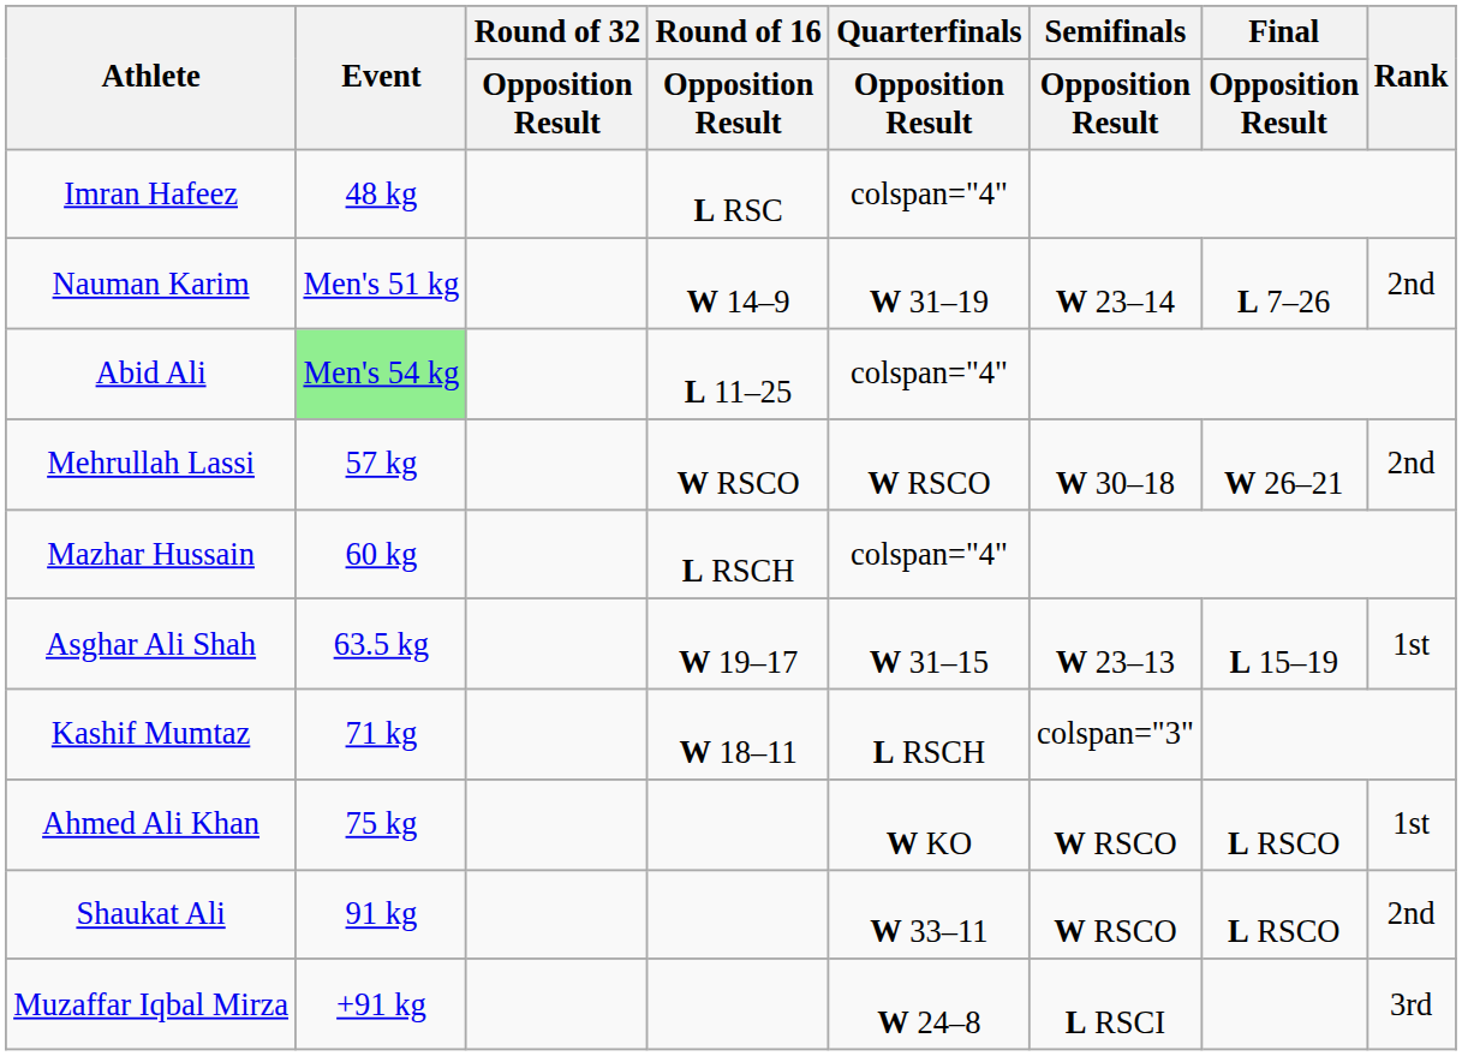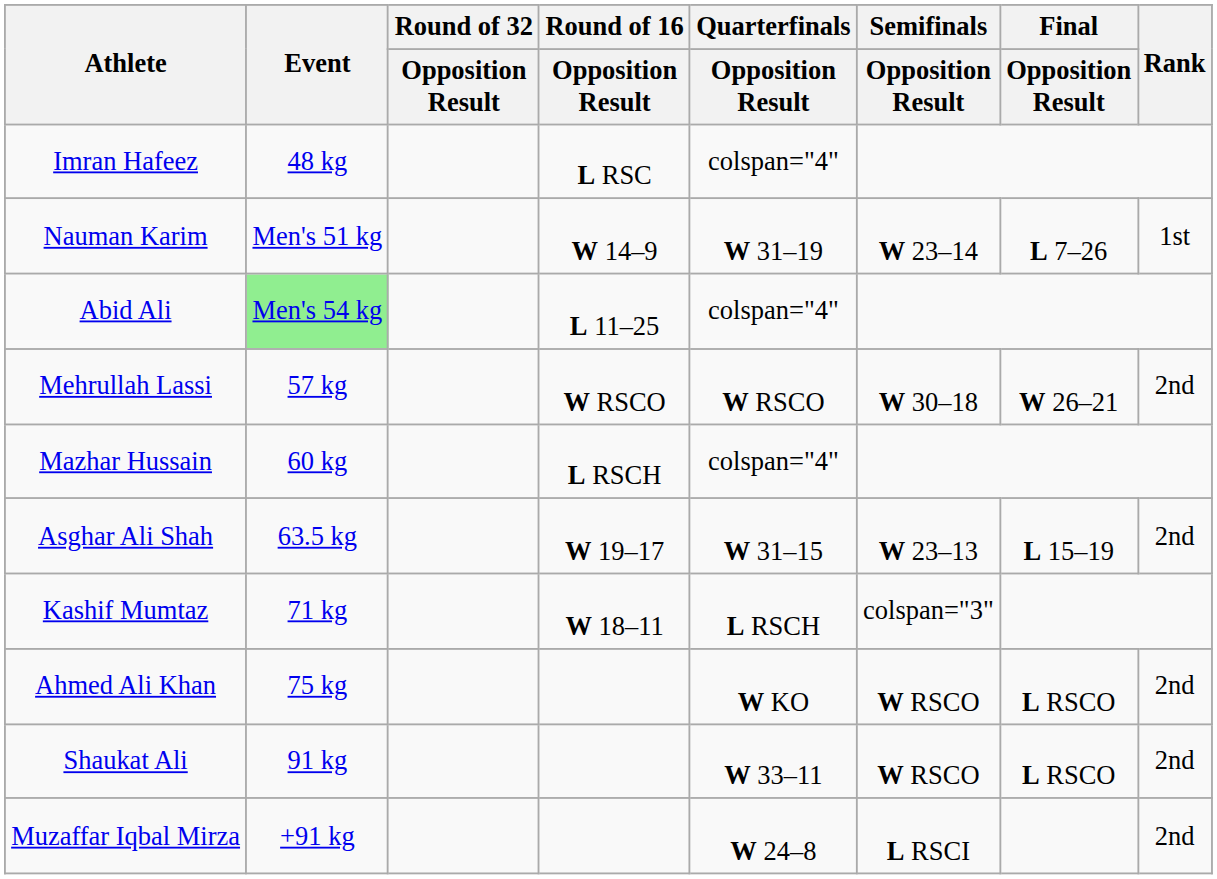 <table class=wikitable style="text-align:center; font-size:90%">
 <tr>
 <th rowspan=2>Athlete</th>
 <th rowspan=2>Event</th>
 <th>Round of 32</th>
 <th>Round of 16</th>
 <th>Quarterfinals</th>
 <th>Semifinals</th>
 <th>Final</th>
 <th rowspan=2>Rank</th>
 </tr>
 <tr>
 <th>Opposition<br>Result</th>
 <th>Opposition<br>Result</th>
 <th>Opposition<br>Result</th>
 <th>Opposition<br>Result</th>
 <th>Opposition<br>Result</th>
 </tr>
 <tr>
 <td><a href='#'>Imran Hafeez</a></td>
 <td><a href='#'>48 kg</a></td>
 <td></td>
 <td><br><strong>L</strong> RSC</td>
 <td>colspan="4" </td>
 </tr>
 <tr>
 <td><a href='#'>Nauman Karim</a></td>
 <td><a href='#'>Men's 51 kg</a></td>
 <td></td>
 <td><br><strong>W</strong> 14–9</td>
 <td><br> <strong>W</strong> 31–19</td>
 <td><br> <strong>W</strong> 23–14</td>
 <td><br> <strong>L</strong> 7–26</td>
-<td>2nd</td>
+<td>1st</td>
 </tr>
 <tr>
 <td><a href='#'>Abid Ali</a></td>
 <td style="background: lightgreen;"><a href='#'>Men's 54 kg</a></td>
 <td></td>
 <td><br><strong>L</strong> 11–25</td>
 <td>colspan="4" </td>
 </tr>
 <tr>
 <td><a href='#'>Mehrullah Lassi</a></td>
 <td><a href='#'>57 kg</a></td>
 <td></td>
 <td><br><strong>W</strong> RSCO</td>
 <td><br><strong>W</strong> RSCO</td>
 <td><br><strong>W</strong> 30–18</td>
 <td><br><strong>W</strong> 26–21</td>
 <td>2nd</td>
 </tr>
 <tr>
 <td><a href='#'>Mazhar Hussain</a></td>
 <td><a href='#'>60 kg</a></td>
 <td></td>
 <td><br><strong>L</strong> RSCH</td>
 <td>colspan="4" </td>
 </tr>
 <tr>
 <td><a href='#'>Asghar Ali Shah</a></td>
 <td><a href='#'>63.5 kg</a></td>
 <td></td>
 <td><br><strong>W</strong> 19–17</td>
 <td><br><strong>W</strong> 31–15</td>
 <td><br><strong>W</strong> 23–13</td>
 <td><br><strong>L</strong> 15–19</td>
-<td>1st</td>
+<td>2nd</td>
 </tr>
 <tr>
 <td><a href='#'>Kashif Mumtaz</a></td>
 <td><a href='#'>71 kg</a></td>
 <td></td>
 <td><br><strong>W</strong> 18–11</td>
 <td><br><strong>L</strong> RSCH</td>
 <td>colspan="3" </td>
 </tr>
 <tr>
 <td><a href='#'>Ahmed Ali Khan</a></td>
 <td><a href='#'>75 kg</a></td>
 <td></td>
 <td></td>
 <td><br><strong>W</strong> KO</td>
 <td><br><strong>W</strong> RSCO</td>
 <td><br><strong>L</strong> RSCO</td>
-<td>1st</td>
+<td>2nd</td>
 </tr>
 <tr>
 <td><a href='#'>Shaukat Ali</a></td>
 <td><a href='#'>91 kg</a></td>
 <td></td>
 <td></td>
 <td><br><strong>W</strong> 33–11</td>
 <td><br><strong>W</strong> RSCO</td>
 <td><br><strong>L</strong> RSCO</td>
 <td>2nd</td>
 </tr>
 <tr>
 <td><a href='#'>Muzaffar Iqbal Mirza</a></td>
 <td><a href='#'>+91 kg</a></td>
 <td></td>
 <td></td>
 <td><br><strong>W</strong> 24–8</td>
 <td><br><strong>L</strong> RSCI</td>
 <td></td>
-<td>3rd</td>
+<td>2nd</td>
 </tr>
 </table>
